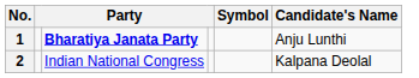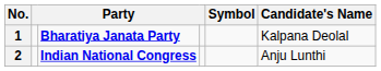 <table class="wikitable sortable">
 <tr>
 <th>No.</th>
 <th colspan="3">Party</th>
 <th>Symbol</th>
 <th>Candidate's Name</th>
 </tr>
 <tr>
 <th>1</th>
 <td style="background:"></td>
 <td><strong><a href='#'>Bharatiya Janata Party</a></strong></td>
 <td></td>
 <td></td>
-<td>Anju Lunthi</td>
+<td>Kalpana Deolal</td>
 </tr>
 <tr>
 <th>2</th>
 <td style="background:"></td>
-<td><a href='#'>Indian National Congress</a></td>
+<td><strong><a href='#'>Indian National Congress</a></strong></td>
 <td></td>
 <td></td>
-<td>Kalpana Deolal</td>
+<td>Anju Lunthi</td>
 </tr>
 </table>
